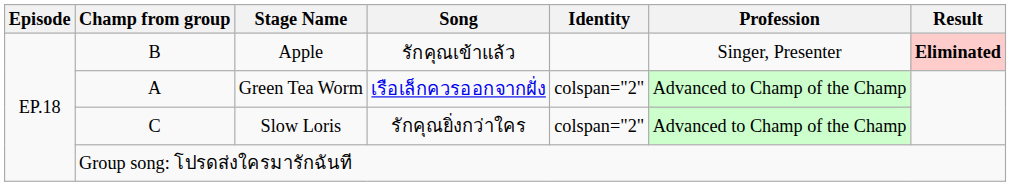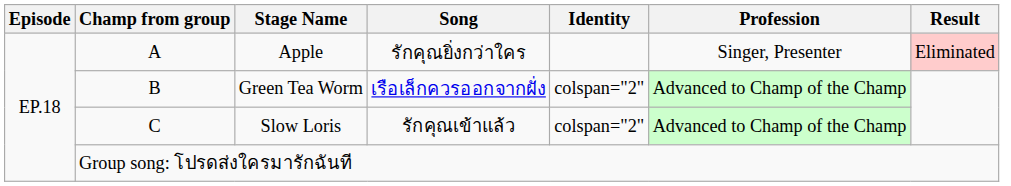 <table class="wikitable">
 <tr>
 <th>Episode</th>
 <th>Champ from group</th>
 <th>Stage Name</th>
 <th>Song</th>
 <th>Identity</th>
 <th>Profession</th>
 <th>Result</th>
 </tr>
 <tr>
 <td rowspan="4" align="center">EP.18</td>
-<td align="center">B</td>
+<td align="center">A</td>
 <td align="center">Apple</td>
-<td align="center">รักคุณเข้าแล้ว</td>
+<td align="center">รักคุณยิ่งกว่าใคร</td>
 <td align="center"></td>
 <td align="center">Singer, Presenter</td>
-<td style="text-align:center; background:#ffcccc;"><strong>Eliminated</strong></td>
+<td style="text-align:center; background:#ffcccc;">Eliminated</td>
 </tr>
 <tr>
-<td align="center">A</td>
+<td align="center">B</td>
 <td align="center">Green Tea Worm</td>
 <td align="center"><a href='#'>เรือเล็กควรออกจากฝั่ง</a></td>
 <td>colspan="2"  </td>
 <td style="text-align:center; background:#ccffcc;">Advanced to Champ of the Champ</td>
 </tr>
 <tr>
 <td align="center">C</td>
 <td align="center">Slow Loris</td>
-<td align="center">รักคุณยิ่งกว่าใคร</td>
+<td align="center">รักคุณเข้าแล้ว</td>
 <td>colspan="2"  </td>
 <td style="text-align:center; background:#ccffcc;">Advanced to Champ of the Champ</td>
 </tr>
 <tr>
 <td colspan="7">Group song: โปรดส่งใครมารักฉันที</td>
 </tr>
 </table>
